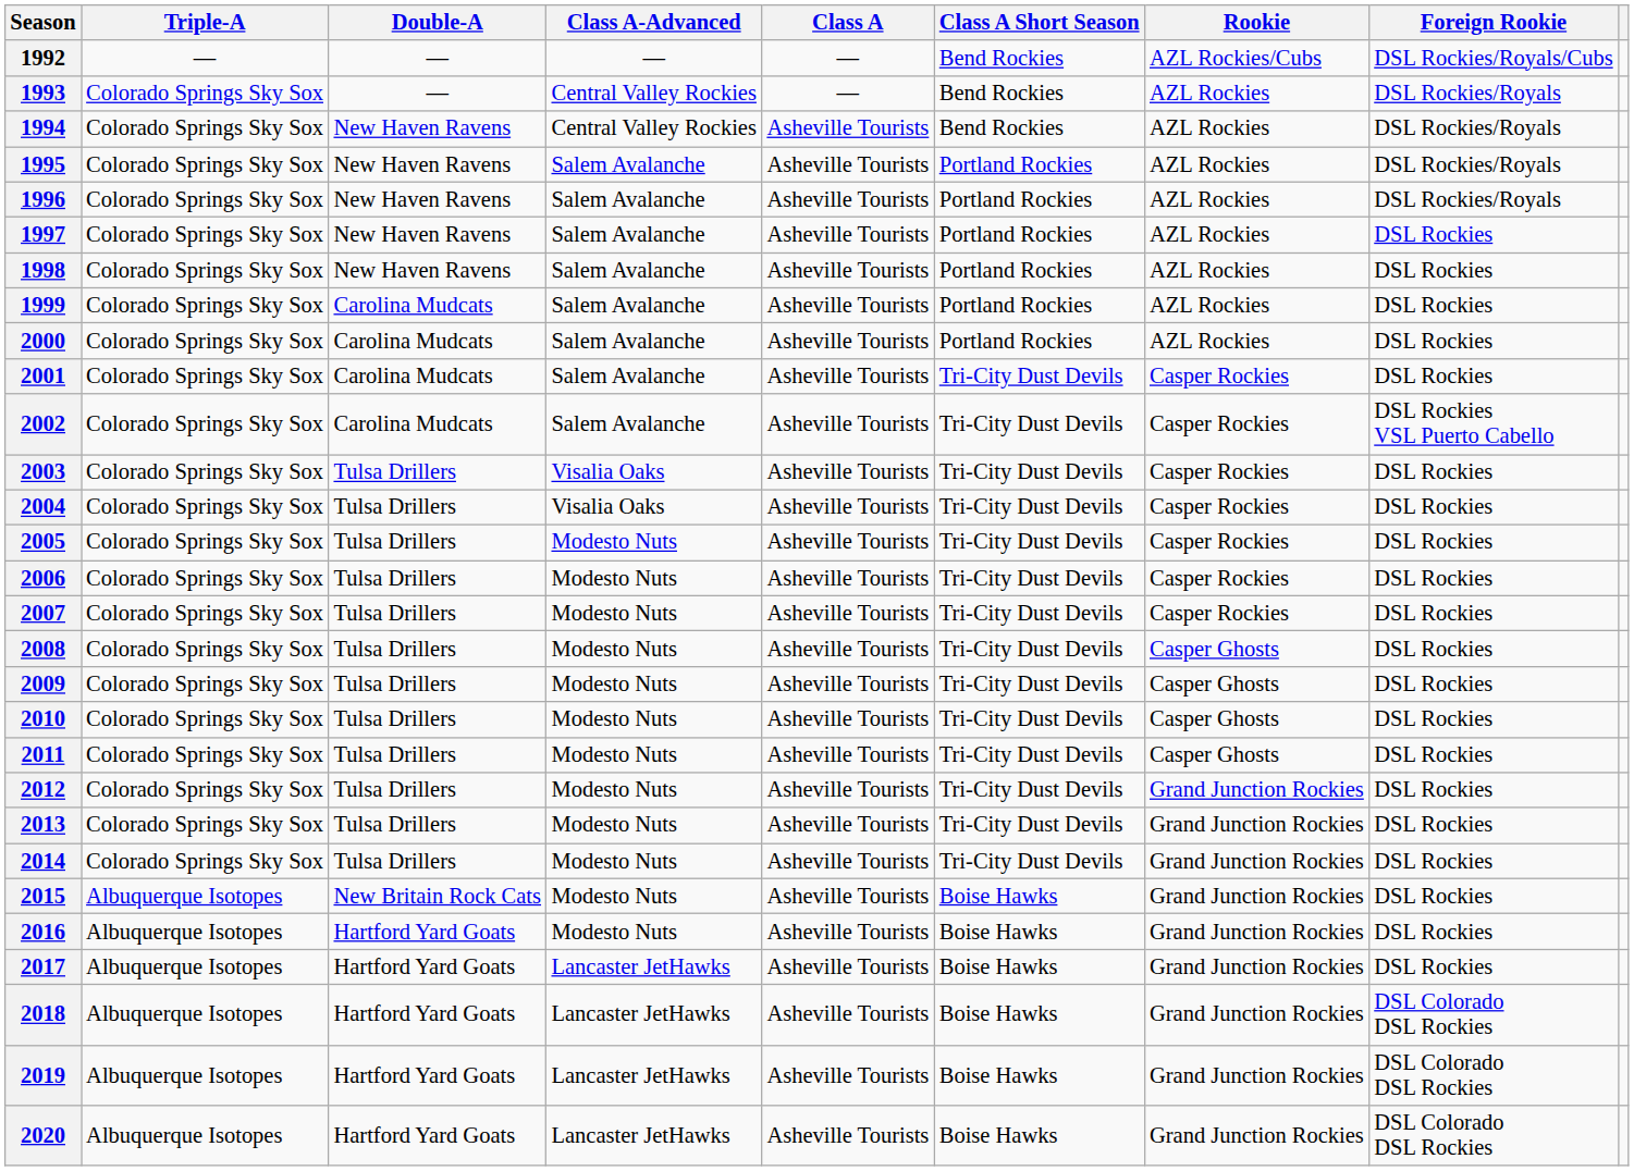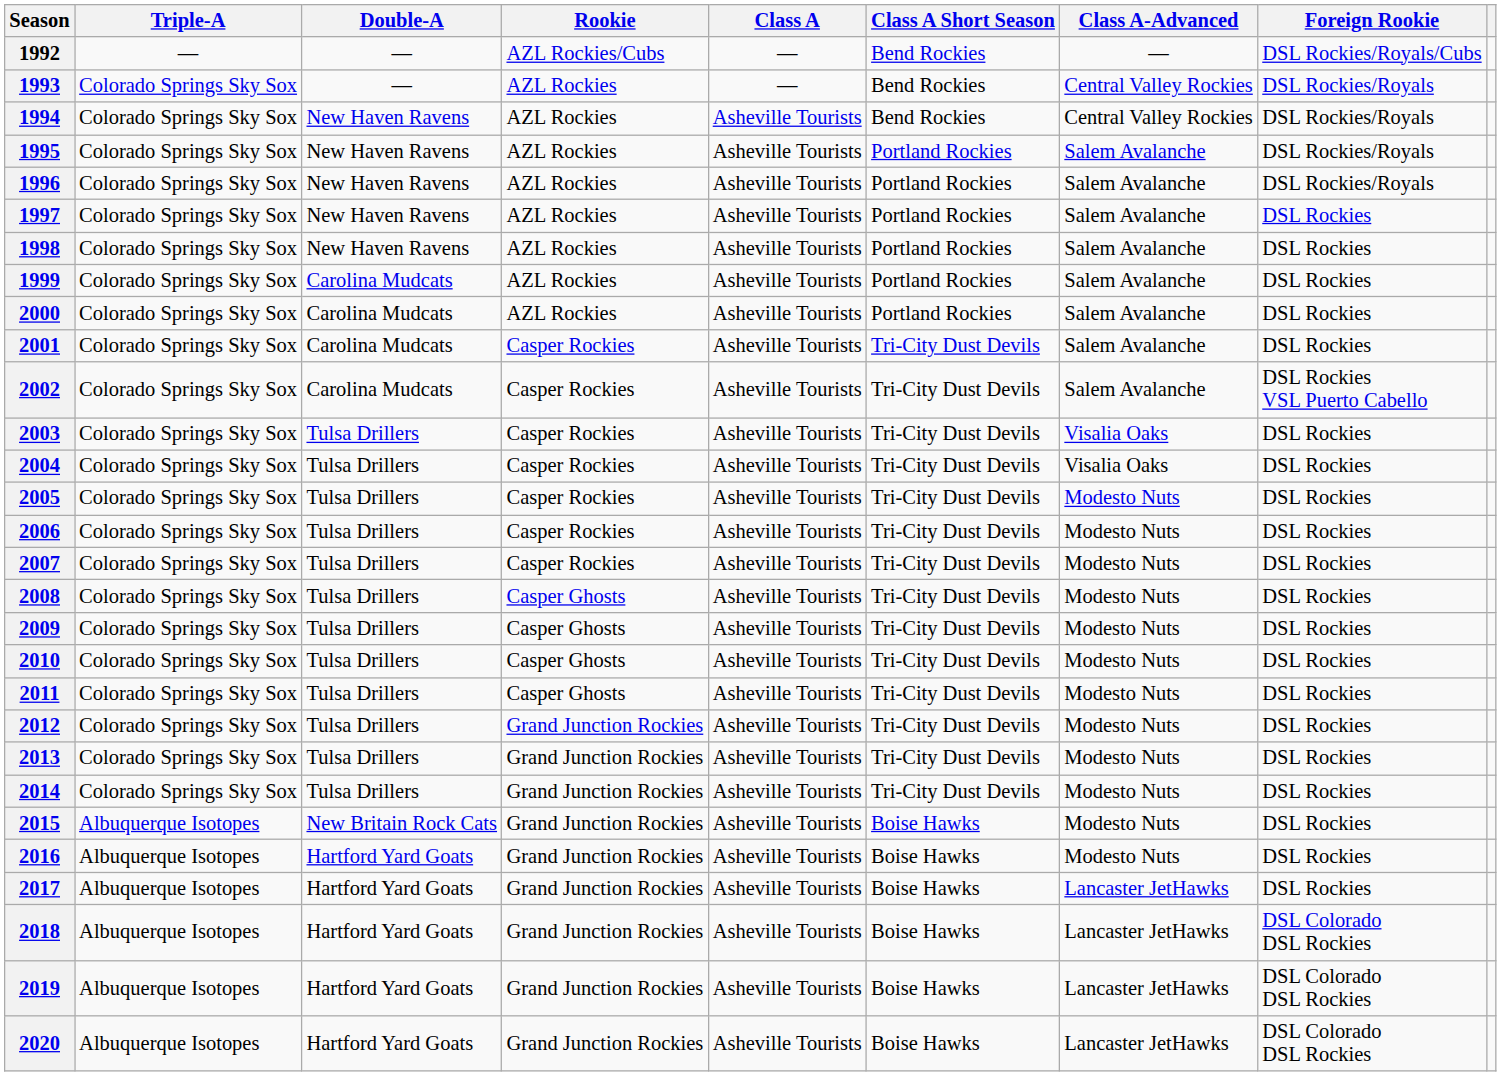 <table class="wikitable plainrowheaders">
 <tr>
 <th scope="col">Season</th>
 <th scope="col"><a href='#'><span>Triple-A</span></a></th>
 <th scope="col"><a href='#'><span>Double-A</span></a></th>
-<th scope="col"><a href='#'><span>Class A-Advanced</span></a></th>
+<th scope="col"><a href='#'><span>Rookie</span></a></th>
 <th scope="col"><a href='#'><span>Class A</span></a></th>
 <th scope="col"><a href='#'><span>Class A Short Season</span></a></th>
-<th scope="col"><a href='#'><span>Rookie</span></a></th>
+<th scope="col"><a href='#'><span>Class A-Advanced</span></a></th>
 <th scope="col"><a href='#'><span>Foreign Rookie</span></a></th>
 <th scope="col"></th>
 </tr>
 <tr>
 <th scope="row" style="text-align:center">1992</th>
 <td align="center">—</td>
 <td align="center">—</td>
-<td align="center">—</td>
+<td><a href='#'>AZL Rockies/Cubs</a></td>
 <td align="center">—</td>
 <td><a href='#'>Bend Rockies</a></td>
-<td><a href='#'>AZL Rockies/Cubs</a></td>
+<td align="center">—</td>
 <td><a href='#'>DSL Rockies/Royals/Cubs</a></td>
 <td align="center"></td>
 </tr>
 <tr>
 <th scope="row" style="text-align:center"><a href='#'>1993</a></th>
 <td><a href='#'>Colorado Springs Sky Sox</a></td>
 <td align="center">—</td>
-<td><a href='#'>Central Valley Rockies</a></td>
+<td><a href='#'>AZL Rockies</a></td>
 <td align="center">—</td>
 <td>Bend Rockies</td>
-<td><a href='#'>AZL Rockies</a></td>
+<td><a href='#'>Central Valley Rockies</a></td>
 <td><a href='#'>DSL Rockies/Royals</a></td>
 <td align="center"></td>
 </tr>
 <tr>
 <th scope="row" style="text-align:center"><a href='#'>1994</a></th>
 <td>Colorado Springs Sky Sox</td>
 <td><a href='#'>New Haven Ravens</a></td>
-<td>Central Valley Rockies</td>
+<td>AZL Rockies</td>
 <td><a href='#'>Asheville Tourists</a></td>
 <td>Bend Rockies</td>
-<td>AZL Rockies</td>
+<td>Central Valley Rockies</td>
 <td>DSL Rockies/Royals</td>
 <td align="center"></td>
 </tr>
 <tr>
 <th scope="row" style="text-align:center"><a href='#'>1995</a></th>
 <td>Colorado Springs Sky Sox</td>
 <td>New Haven Ravens</td>
-<td><a href='#'>Salem Avalanche</a></td>
+<td>AZL Rockies</td>
 <td>Asheville Tourists</td>
 <td><a href='#'>Portland Rockies</a></td>
-<td>AZL Rockies</td>
+<td><a href='#'>Salem Avalanche</a></td>
 <td>DSL Rockies/Royals</td>
 <td align="center"></td>
 </tr>
 <tr>
 <th scope="row" style="text-align:center"><a href='#'>1996</a></th>
 <td>Colorado Springs Sky Sox</td>
 <td>New Haven Ravens</td>
-<td>Salem Avalanche</td>
+<td>AZL Rockies</td>
 <td>Asheville Tourists</td>
 <td>Portland Rockies</td>
-<td>AZL Rockies</td>
+<td>Salem Avalanche</td>
 <td>DSL Rockies/Royals</td>
 <td align="center"></td>
 </tr>
 <tr>
 <th scope="row" style="text-align:center"><a href='#'>1997</a></th>
 <td>Colorado Springs Sky Sox</td>
 <td>New Haven Ravens</td>
-<td>Salem Avalanche</td>
+<td>AZL Rockies</td>
 <td>Asheville Tourists</td>
 <td>Portland Rockies</td>
-<td>AZL Rockies</td>
+<td>Salem Avalanche</td>
 <td><a href='#'>DSL Rockies</a></td>
 <td align="center"></td>
 </tr>
 <tr>
 <th scope="row" style="text-align:center"><a href='#'>1998</a></th>
 <td>Colorado Springs Sky Sox</td>
 <td>New Haven Ravens</td>
-<td>Salem Avalanche</td>
+<td>AZL Rockies</td>
 <td>Asheville Tourists</td>
 <td>Portland Rockies</td>
-<td>AZL Rockies</td>
+<td>Salem Avalanche</td>
 <td>DSL Rockies</td>
 <td align="center"></td>
 </tr>
 <tr>
 <th scope="row" style="text-align:center"><a href='#'>1999</a></th>
 <td>Colorado Springs Sky Sox</td>
 <td><a href='#'>Carolina Mudcats</a></td>
-<td>Salem Avalanche</td>
+<td>AZL Rockies</td>
 <td>Asheville Tourists</td>
 <td>Portland Rockies</td>
-<td>AZL Rockies</td>
+<td>Salem Avalanche</td>
 <td>DSL Rockies</td>
 <td align="center"></td>
 </tr>
 <tr>
 <th scope="row" style="text-align:center"><a href='#'>2000</a></th>
 <td>Colorado Springs Sky Sox</td>
 <td>Carolina Mudcats</td>
-<td>Salem Avalanche</td>
+<td>AZL Rockies</td>
 <td>Asheville Tourists</td>
 <td>Portland Rockies</td>
-<td>AZL Rockies</td>
+<td>Salem Avalanche</td>
 <td>DSL Rockies</td>
 <td align="center"></td>
 </tr>
 <tr>
 <th scope="row" style="text-align:center"><a href='#'>2001</a></th>
 <td>Colorado Springs Sky Sox</td>
 <td>Carolina Mudcats</td>
-<td>Salem Avalanche</td>
+<td><a href='#'>Casper Rockies</a></td>
 <td>Asheville Tourists</td>
 <td><a href='#'>Tri-City Dust Devils</a></td>
-<td><a href='#'>Casper Rockies</a></td>
+<td>Salem Avalanche</td>
 <td>DSL Rockies</td>
 <td align="center"></td>
 </tr>
 <tr>
 <th scope="row" style="text-align:center"><a href='#'>2002</a></th>
 <td>Colorado Springs Sky Sox</td>
 <td>Carolina Mudcats</td>
-<td>Salem Avalanche</td>
+<td>Casper Rockies</td>
 <td>Asheville Tourists</td>
 <td>Tri-City Dust Devils</td>
-<td>Casper Rockies</td>
+<td>Salem Avalanche</td>
 <td>DSL Rockies<br><a href='#'>VSL Puerto Cabello</a></td>
 <td align="center"></td>
 </tr>
 <tr>
 <th scope="row" style="text-align:center"><a href='#'>2003</a></th>
 <td>Colorado Springs Sky Sox</td>
 <td><a href='#'>Tulsa Drillers</a></td>
-<td><a href='#'>Visalia Oaks</a></td>
+<td>Casper Rockies</td>
 <td>Asheville Tourists</td>
 <td>Tri-City Dust Devils</td>
-<td>Casper Rockies</td>
+<td><a href='#'>Visalia Oaks</a></td>
 <td>DSL Rockies</td>
 <td align="center"></td>
 </tr>
 <tr>
 <th scope="row" style="text-align:center"><a href='#'>2004</a></th>
 <td>Colorado Springs Sky Sox</td>
 <td>Tulsa Drillers</td>
-<td>Visalia Oaks</td>
+<td>Casper Rockies</td>
 <td>Asheville Tourists</td>
 <td>Tri-City Dust Devils</td>
-<td>Casper Rockies</td>
+<td>Visalia Oaks</td>
 <td>DSL Rockies</td>
 <td align="center"></td>
 </tr>
 <tr>
 <th scope="row" style="text-align:center"><a href='#'>2005</a></th>
 <td>Colorado Springs Sky Sox</td>
 <td>Tulsa Drillers</td>
-<td><a href='#'>Modesto Nuts</a></td>
+<td>Casper Rockies</td>
 <td>Asheville Tourists</td>
 <td>Tri-City Dust Devils</td>
-<td>Casper Rockies</td>
+<td><a href='#'>Modesto Nuts</a></td>
 <td>DSL Rockies</td>
 <td align="center"></td>
 </tr>
 <tr>
 <th scope="row" style="text-align:center"><a href='#'>2006</a></th>
 <td>Colorado Springs Sky Sox</td>
 <td>Tulsa Drillers</td>
-<td>Modesto Nuts</td>
+<td>Casper Rockies</td>
 <td>Asheville Tourists</td>
 <td>Tri-City Dust Devils</td>
-<td>Casper Rockies</td>
+<td>Modesto Nuts</td>
 <td>DSL Rockies</td>
 <td align="center"></td>
 </tr>
 <tr>
 <th scope="row" style="text-align:center"><a href='#'>2007</a></th>
 <td>Colorado Springs Sky Sox</td>
 <td>Tulsa Drillers</td>
-<td>Modesto Nuts</td>
+<td>Casper Rockies</td>
 <td>Asheville Tourists</td>
 <td>Tri-City Dust Devils</td>
-<td>Casper Rockies</td>
+<td>Modesto Nuts</td>
 <td>DSL Rockies</td>
 <td align="center"></td>
 </tr>
 <tr>
 <th scope="row" style="text-align:center"><a href='#'>2008</a></th>
 <td>Colorado Springs Sky Sox</td>
 <td>Tulsa Drillers</td>
-<td>Modesto Nuts</td>
+<td><a href='#'>Casper Ghosts</a></td>
 <td>Asheville Tourists</td>
 <td>Tri-City Dust Devils</td>
-<td><a href='#'>Casper Ghosts</a></td>
+<td>Modesto Nuts</td>
 <td>DSL Rockies</td>
 <td align="center"></td>
 </tr>
 <tr>
 <th scope="row" style="text-align:center"><a href='#'>2009</a></th>
 <td>Colorado Springs Sky Sox</td>
 <td>Tulsa Drillers</td>
-<td>Modesto Nuts</td>
+<td>Casper Ghosts</td>
 <td>Asheville Tourists</td>
 <td>Tri-City Dust Devils</td>
-<td>Casper Ghosts</td>
+<td>Modesto Nuts</td>
 <td>DSL Rockies</td>
 <td align="center"></td>
 </tr>
 <tr>
 <th scope="row" style="text-align:center"><a href='#'>2010</a></th>
 <td>Colorado Springs Sky Sox</td>
 <td>Tulsa Drillers</td>
-<td>Modesto Nuts</td>
+<td>Casper Ghosts</td>
 <td>Asheville Tourists</td>
 <td>Tri-City Dust Devils</td>
-<td>Casper Ghosts</td>
+<td>Modesto Nuts</td>
 <td>DSL Rockies</td>
 <td align="center"></td>
 </tr>
 <tr>
 <th scope="row" style="text-align:center"><a href='#'>2011</a></th>
 <td>Colorado Springs Sky Sox</td>
 <td>Tulsa Drillers</td>
-<td>Modesto Nuts</td>
+<td>Casper Ghosts</td>
 <td>Asheville Tourists</td>
 <td>Tri-City Dust Devils</td>
-<td>Casper Ghosts</td>
+<td>Modesto Nuts</td>
 <td>DSL Rockies</td>
 <td align="center"></td>
 </tr>
 <tr>
 <th scope="row" style="text-align:center"><a href='#'>2012</a></th>
 <td>Colorado Springs Sky Sox</td>
 <td>Tulsa Drillers</td>
-<td>Modesto Nuts</td>
+<td><a href='#'>Grand Junction Rockies</a></td>
 <td>Asheville Tourists</td>
 <td>Tri-City Dust Devils</td>
-<td><a href='#'>Grand Junction Rockies</a></td>
+<td>Modesto Nuts</td>
 <td>DSL Rockies</td>
 <td align="center"></td>
 </tr>
 <tr>
 <th scope="row" style="text-align:center"><a href='#'>2013</a></th>
 <td>Colorado Springs Sky Sox</td>
 <td>Tulsa Drillers</td>
-<td>Modesto Nuts</td>
+<td>Grand Junction Rockies</td>
 <td>Asheville Tourists</td>
 <td>Tri-City Dust Devils</td>
-<td>Grand Junction Rockies</td>
+<td>Modesto Nuts</td>
 <td>DSL Rockies</td>
 <td align="center"></td>
 </tr>
 <tr>
 <th scope="row" style="text-align:center"><a href='#'>2014</a></th>
 <td>Colorado Springs Sky Sox</td>
 <td>Tulsa Drillers</td>
-<td>Modesto Nuts</td>
+<td>Grand Junction Rockies</td>
 <td>Asheville Tourists</td>
 <td>Tri-City Dust Devils</td>
-<td>Grand Junction Rockies</td>
+<td>Modesto Nuts</td>
 <td>DSL Rockies</td>
 <td align="center"></td>
 </tr>
 <tr>
 <th scope="row" style="text-align:center"><a href='#'>2015</a></th>
 <td><a href='#'>Albuquerque Isotopes</a></td>
 <td><a href='#'>New Britain Rock Cats</a></td>
-<td>Modesto Nuts</td>
+<td>Grand Junction Rockies</td>
 <td>Asheville Tourists</td>
 <td><a href='#'>Boise Hawks</a></td>
-<td>Grand Junction Rockies</td>
+<td>Modesto Nuts</td>
 <td>DSL Rockies</td>
 <td align="center"></td>
 </tr>
 <tr>
 <th scope="row" style="text-align:center"><a href='#'>2016</a></th>
 <td>Albuquerque Isotopes</td>
 <td><a href='#'>Hartford Yard Goats</a></td>
-<td>Modesto Nuts</td>
+<td>Grand Junction Rockies</td>
 <td>Asheville Tourists</td>
 <td>Boise Hawks</td>
-<td>Grand Junction Rockies</td>
+<td>Modesto Nuts</td>
 <td>DSL Rockies</td>
 <td align="center"></td>
 </tr>
 <tr>
 <th scope="row" style="text-align:center"><a href='#'>2017</a></th>
 <td>Albuquerque Isotopes</td>
 <td>Hartford Yard Goats</td>
-<td><a href='#'>Lancaster JetHawks</a></td>
+<td>Grand Junction Rockies</td>
 <td>Asheville Tourists</td>
 <td>Boise Hawks</td>
-<td>Grand Junction Rockies</td>
+<td><a href='#'>Lancaster JetHawks</a></td>
 <td>DSL Rockies</td>
 <td align="center"></td>
 </tr>
 <tr>
 <th scope="row" style="text-align:center"><a href='#'>2018</a></th>
 <td>Albuquerque Isotopes</td>
 <td>Hartford Yard Goats</td>
-<td>Lancaster JetHawks</td>
+<td>Grand Junction Rockies</td>
 <td>Asheville Tourists</td>
 <td>Boise Hawks</td>
-<td>Grand Junction Rockies</td>
+<td>Lancaster JetHawks</td>
 <td><a href='#'>DSL Colorado</a><br>DSL Rockies</td>
 <td align="center"></td>
 </tr>
 <tr>
 <th scope="row" style="text-align:center"><a href='#'>2019</a></th>
 <td>Albuquerque Isotopes</td>
 <td>Hartford Yard Goats</td>
-<td>Lancaster JetHawks</td>
+<td>Grand Junction Rockies</td>
 <td>Asheville Tourists</td>
 <td>Boise Hawks</td>
-<td>Grand Junction Rockies</td>
+<td>Lancaster JetHawks</td>
 <td>DSL Colorado<br>DSL Rockies</td>
 <td align="center"></td>
 </tr>
 <tr>
 <th scope="row" style="text-align:center"><a href='#'>2020</a></th>
 <td>Albuquerque Isotopes</td>
 <td>Hartford Yard Goats</td>
-<td>Lancaster JetHawks</td>
+<td>Grand Junction Rockies</td>
 <td>Asheville Tourists</td>
 <td>Boise Hawks</td>
-<td>Grand Junction Rockies</td>
+<td>Lancaster JetHawks</td>
 <td>DSL Colorado<br>DSL Rockies</td>
 <td align="center"></td>
 </tr>
 </table>
